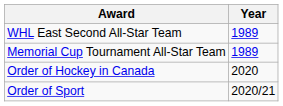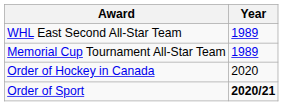 <table class="wikitable">
 <tr>
 <th>Award</th>
 <th>Year</th>
 </tr>
 <tr>
 <td><a href='#'>WHL</a> East Second All-Star Team</td>
 <td><a href='#'>1989</a></td>
 </tr>
 <tr>
 <td><a href='#'>Memorial Cup</a> Tournament All-Star Team</td>
 <td><a href='#'>1989</a></td>
 </tr>
 <tr>
 <td><a href='#'>Order of Hockey in Canada</a></td>
 <td>2020</td>
 </tr>
 <tr>
 <td><a href='#'>Order of Sport</a></td>
-<td>2020/21</td>
+<td><strong>2020/21</strong></td>
 </tr>
 </table>
